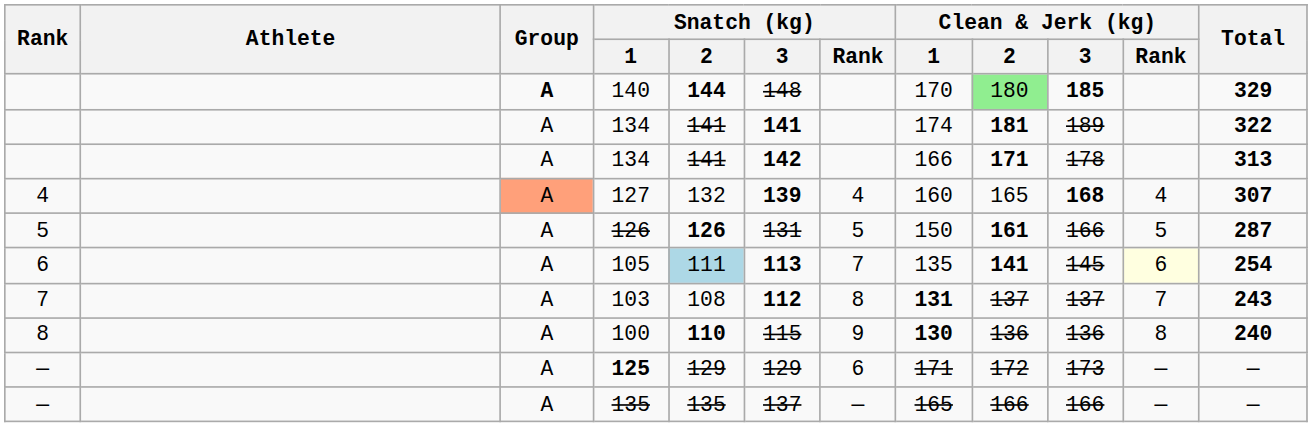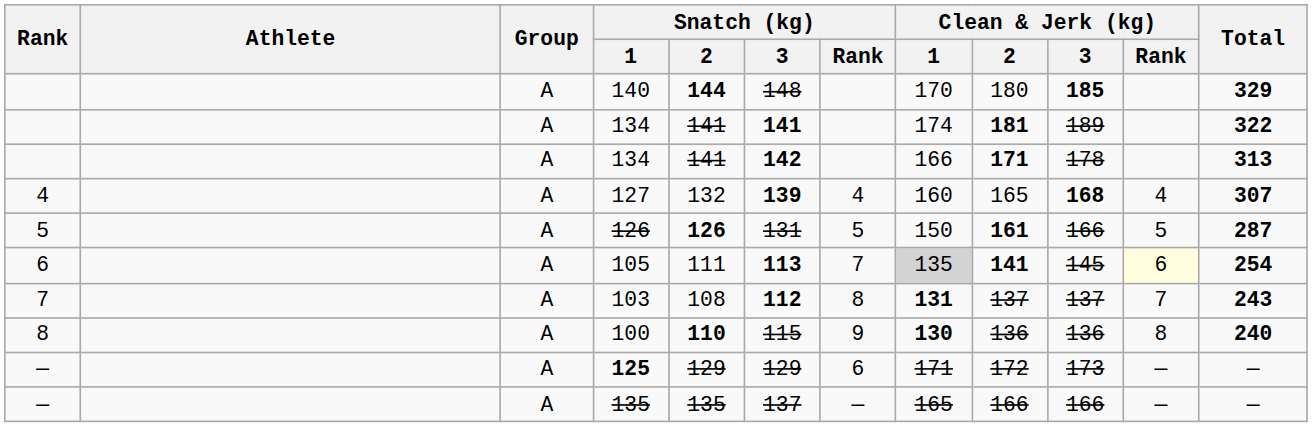 <table class = "wikitable" style="text-align:center;">
 <tr>
 <th rowspan=2 width=40>Rank</th>
 <th rowspan=2 width=250>Athlete</th>
 <th rowspan=2 width=50>Group</th>
 <th colspan=4>Snatch (kg)</th>
 <th colspan=4>Clean & Jerk (kg)</th>
 <th rowspan=2 width=60>Total</th>
 </tr>
 <tr>
 <th width=40>1</th>
 <th width=40>2</th>
 <th width=40>3</th>
 <th width=40>Rank</th>
 <th width=40>1</th>
 <th width=40>2</th>
 <th width=40>3</th>
 <th width=40>Rank</th>
 </tr>
 <tr>
 <td></td>
 <td align=left></td>
-<td><strong>A</strong></td>
+<td>A</td>
 <td>140</td>
 <td><strong>144</strong></td>
 <td><s>148</s></td>
 <td></td>
 <td>170</td>
-<td style="background: lightgreen;">180</td>
+<td>180</td>
 <td><strong>185</strong></td>
 <td></td>
 <td><strong>329</strong></td>
 </tr>
 <tr>
 <td></td>
 <td align=left></td>
 <td>A</td>
 <td>134</td>
 <td><s>141</s></td>
 <td><strong>141</strong></td>
 <td></td>
 <td>174</td>
 <td><strong>181</strong></td>
 <td><s>189</s></td>
 <td></td>
 <td><strong>322</strong></td>
 </tr>
 <tr>
 <td></td>
 <td align=left></td>
 <td>A</td>
 <td>134</td>
 <td><s>141</s></td>
 <td><strong>142</strong></td>
 <td></td>
 <td>166</td>
 <td><strong>171</strong></td>
 <td><s>178</s></td>
 <td></td>
 <td><strong>313</strong></td>
 </tr>
 <tr>
 <td>4</td>
 <td align=left></td>
-<td style="background: lightsalmon;">A</td>
+<td>A</td>
 <td>127</td>
 <td>132</td>
 <td><strong>139</strong></td>
 <td>4</td>
 <td>160</td>
 <td>165</td>
 <td><strong>168</strong></td>
 <td>4</td>
 <td><strong>307</strong></td>
 </tr>
 <tr>
 <td>5</td>
 <td align=left></td>
 <td>A</td>
 <td><s>126</s></td>
 <td><strong>126</strong></td>
 <td><s>131</s></td>
 <td>5</td>
 <td>150</td>
 <td><strong>161</strong></td>
 <td><s>166</s></td>
 <td>5</td>
 <td><strong>287</strong></td>
 </tr>
 <tr>
 <td>6</td>
 <td align=left></td>
 <td>A</td>
 <td>105</td>
-<td style="background: lightblue;">111</td>
+<td>111</td>
 <td><strong>113</strong></td>
 <td>7</td>
-<td>135</td>
+<td style="background: lightgrey;">135</td>
 <td><strong>141</strong></td>
 <td><s>145</s></td>
 <td style="background: lightyellow;">6</td>
 <td><strong>254</strong></td>
 </tr>
 <tr>
 <td>7</td>
 <td align=left></td>
 <td>A</td>
 <td>103</td>
 <td>108</td>
 <td><strong>112</strong></td>
 <td>8</td>
 <td><strong>131</strong></td>
 <td><s>137</s></td>
 <td><s>137</s></td>
 <td>7</td>
 <td><strong>243</strong></td>
 </tr>
 <tr>
 <td>8</td>
 <td align=left></td>
 <td>A</td>
 <td>100</td>
 <td><strong>110</strong></td>
 <td><s>115</s></td>
 <td>9</td>
 <td><strong>130</strong></td>
 <td><s>136</s></td>
 <td><s>136</s></td>
 <td>8</td>
 <td><strong>240</strong></td>
 </tr>
 <tr>
 <td>—</td>
 <td align=left></td>
 <td>A</td>
 <td><strong>125</strong></td>
 <td><s>129</s></td>
 <td><s>129</s></td>
 <td>6</td>
 <td><s>171</s></td>
 <td><s>172</s></td>
 <td><s>173</s></td>
 <td>—</td>
 <td>—</td>
 </tr>
 <tr>
 <td>—</td>
 <td align=left></td>
 <td>A</td>
 <td><s>135</s></td>
 <td><s>135</s></td>
 <td><s>137</s></td>
 <td>—</td>
 <td><s>165</s></td>
 <td><s>166</s></td>
 <td><s>166</s></td>
 <td>—</td>
 <td>—</td>
 </tr>
 </table>
